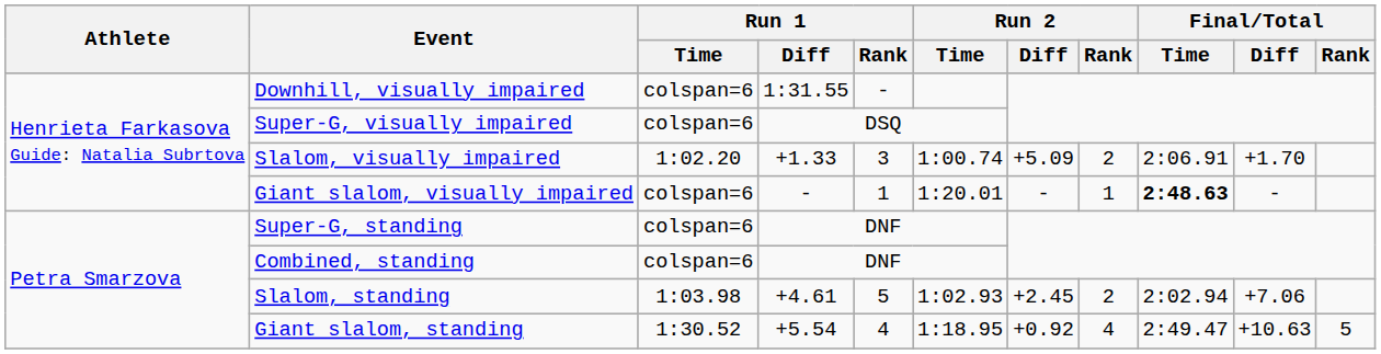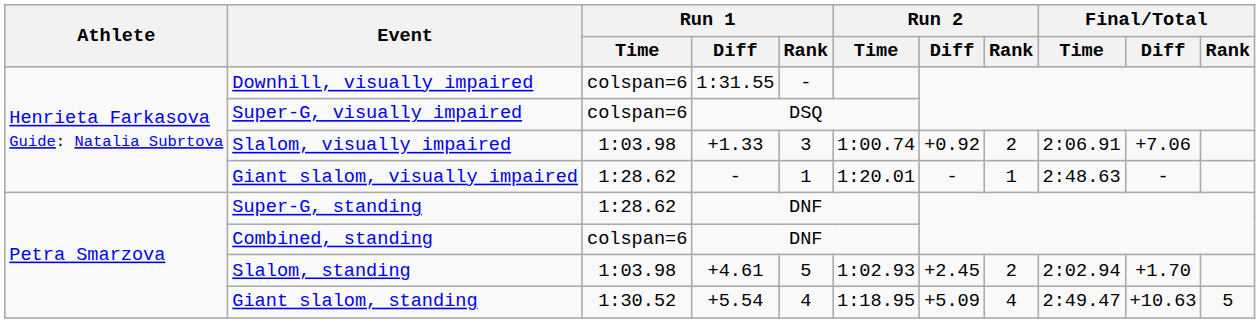 <table class="wikitable" style="font-size:90%">
 <tr>
 <th rowspan="2">Athlete</th>
 <th rowspan="2">Event</th>
 <th colspan="3">Run 1</th>
 <th colspan="3">Run 2</th>
 <th colspan="3">Final/Total</th>
 </tr>
 <tr>
 <th>Time</th>
 <th>Diff</th>
 <th>Rank</th>
 <th>Time</th>
 <th>Diff</th>
 <th>Rank</th>
 <th>Time</th>
 <th>Diff</th>
 <th>Rank</th>
 </tr>
 <tr>
 <td rowspan=4><a href='#'>Henrieta Farkasova</a><br><small><a href='#'>Guide</a>: <a href='#'>Natalia Subrtova</a></small></td>
 <td><a href='#'>Downhill, visually impaired</a></td>
 <td>colspan=6 </td>
 <td align="center">1:31.55</td>
 <td align="center">-</td>
 <td align="center"></td>
 </tr>
 <tr>
 <td><a href='#'>Super-G, visually impaired</a></td>
 <td>colspan=6 </td>
 <td align="center" colspan=3>DSQ</td>
 </tr>
 <tr>
 <td><a href='#'>Slalom, visually impaired</a></td>
-<td align="center">1:02.20</td>
+<td align="center">1:03.98</td>
 <td align="center">+1.33</td>
 <td align="center">3</td>
 <td align="center">1:00.74</td>
-<td align="center">+5.09</td>
+<td align="center">+0.92</td>
 <td align="center">2</td>
 <td align="center">2:06.91</td>
-<td align="center">+1.70</td>
+<td align="center">+7.06</td>
 <td align="center"></td>
 </tr>
 <tr>
 <td><a href='#'>Giant slalom, visually impaired</a></td>
-<td>colspan=6 </td>
+<td align="center">1:28.62</td>
 <td align="center">-</td>
 <td align="center">1</td>
 <td align="center">1:20.01</td>
 <td align="center">-</td>
 <td align="center">1</td>
-<td align="center"><strong>2:48.63</strong></td>
+<td align="center">2:48.63</td>
 <td align="center">-</td>
 <td align="center"></td>
 </tr>
 <tr>
 <td rowspan=4><a href='#'>Petra Smarzova</a></td>
 <td><a href='#'>Super-G, standing</a></td>
-<td>colspan=6 </td>
+<td align="center">1:28.62</td>
 <td align="center" colspan=3>DNF</td>
 </tr>
 <tr>
 <td><a href='#'>Combined, standing</a></td>
 <td>colspan=6 </td>
 <td align="center" colspan=3>DNF</td>
 </tr>
 <tr>
 <td><a href='#'>Slalom, standing</a></td>
 <td align="center">1:03.98</td>
 <td align="center">+4.61</td>
 <td align="center">5</td>
 <td align="center">1:02.93</td>
 <td align="center">+2.45</td>
 <td align="center">2</td>
 <td align="center">2:02.94</td>
-<td align="center">+7.06</td>
+<td align="center">+1.70</td>
 <td align="center"></td>
 </tr>
 <tr>
 <td><a href='#'>Giant slalom, standing</a></td>
 <td align="center">1:30.52</td>
 <td align="center">+5.54</td>
 <td align="center">4</td>
 <td align="center">1:18.95</td>
-<td align="center">+0.92</td>
+<td align="center">+5.09</td>
 <td align="center">4</td>
 <td align="center">2:49.47</td>
 <td align="center">+10.63</td>
 <td align="center">5</td>
 </tr>
 </table>
